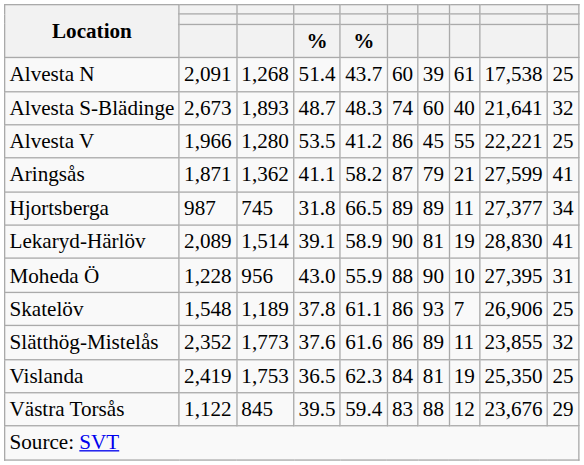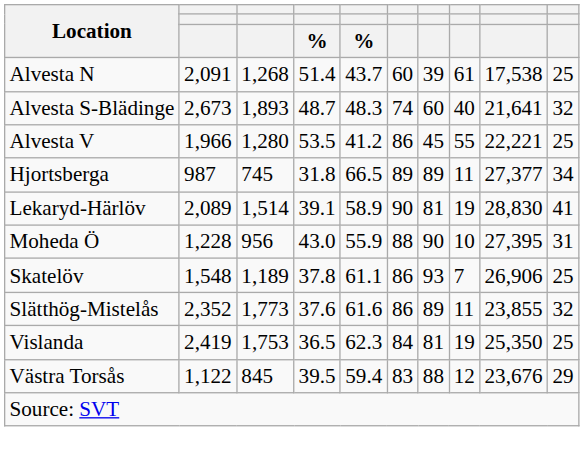 <table role="presentation" class="wikitable sortable mw-collapsible">
 <tr>
 <th rowspan="3">Location</th>
 <th></th>
 <th></th>
 <th></th>
 <th></th>
 <th></th>
 <th></th>
 <th></th>
 <th></th>
 <th></th>
 </tr>
 <tr>
 <th></th>
 <th></th>
 <th style="background:"></th>
 <th style="background:"></th>
 <th></th>
 <th></th>
 <th></th>
 <th></th>
 <th></th>
 </tr>
 <tr>
 <th data-sort-type="number"></th>
 <th data-sort-type="number"></th>
 <th data-sort-type="number">%</th>
 <th data-sort-type="number">%</th>
 <th data-sort-type="number"></th>
 <th data-sort-type="number"></th>
 <th data-sort-type="number"></th>
 <th data-sort-type="number"></th>
 <th data-sort-type="number"></th>
 </tr>
 <tr>
 <td align="left">Alvesta N</td>
 <td>2,091</td>
 <td>1,268</td>
 <td>51.4</td>
 <td>43.7</td>
 <td>60</td>
 <td>39</td>
 <td>61</td>
 <td>17,538</td>
 <td>25</td>
 </tr>
 <tr>
 <td align="left">Alvesta S-Blädinge</td>
 <td>2,673</td>
 <td>1,893</td>
 <td>48.7</td>
 <td>48.3</td>
 <td>74</td>
 <td>60</td>
 <td>40</td>
 <td>21,641</td>
 <td>32</td>
 </tr>
 <tr>
 <td align="left">Alvesta V</td>
 <td>1,966</td>
 <td>1,280</td>
 <td>53.5</td>
 <td>41.2</td>
 <td>86</td>
 <td>45</td>
 <td>55</td>
 <td>22,221</td>
 <td>25</td>
-</tr>
-<tr>
-<td align="left">Aringsås</td>
-<td>1,871</td>
-<td>1,362</td>
-<td>41.1</td>
-<td>58.2</td>
-<td>87</td>
-<td>79</td>
-<td>21</td>
-<td>27,599</td>
-<td>41</td>
 </tr>
 <tr>
 <td align="left">Hjortsberga</td>
 <td>987</td>
 <td>745</td>
 <td>31.8</td>
 <td>66.5</td>
 <td>89</td>
 <td>89</td>
 <td>11</td>
 <td>27,377</td>
 <td>34</td>
 </tr>
 <tr>
 <td align="left">Lekaryd-Härlöv</td>
 <td>2,089</td>
 <td>1,514</td>
 <td>39.1</td>
 <td>58.9</td>
 <td>90</td>
 <td>81</td>
 <td>19</td>
 <td>28,830</td>
 <td>41</td>
 </tr>
 <tr>
 <td align="left">Moheda Ö</td>
 <td>1,228</td>
 <td>956</td>
 <td>43.0</td>
 <td>55.9</td>
 <td>88</td>
 <td>90</td>
 <td>10</td>
 <td>27,395</td>
 <td>31</td>
 </tr>
 <tr>
 <td align="left">Skatelöv</td>
 <td>1,548</td>
 <td>1,189</td>
 <td>37.8</td>
 <td>61.1</td>
 <td>86</td>
 <td>93</td>
 <td>7</td>
 <td>26,906</td>
 <td>25</td>
 </tr>
 <tr>
 <td align="left">Slätthög-Mistelås</td>
 <td>2,352</td>
 <td>1,773</td>
 <td>37.6</td>
 <td>61.6</td>
 <td>86</td>
 <td>89</td>
 <td>11</td>
 <td>23,855</td>
 <td>32</td>
 </tr>
 <tr>
 <td align="left">Vislanda</td>
 <td>2,419</td>
 <td>1,753</td>
 <td>36.5</td>
 <td>62.3</td>
 <td>84</td>
 <td>81</td>
 <td>19</td>
 <td>25,350</td>
 <td>25</td>
 </tr>
 <tr>
 <td align="left">Västra Torsås</td>
 <td>1,122</td>
 <td>845</td>
 <td>39.5</td>
 <td>59.4</td>
 <td>83</td>
 <td>88</td>
 <td>12</td>
 <td>23,676</td>
 <td>29</td>
 </tr>
 <tr>
 <td colspan="10" align="left">Source: <a href='#'>SVT</a></td>
 </tr>
 </table>
